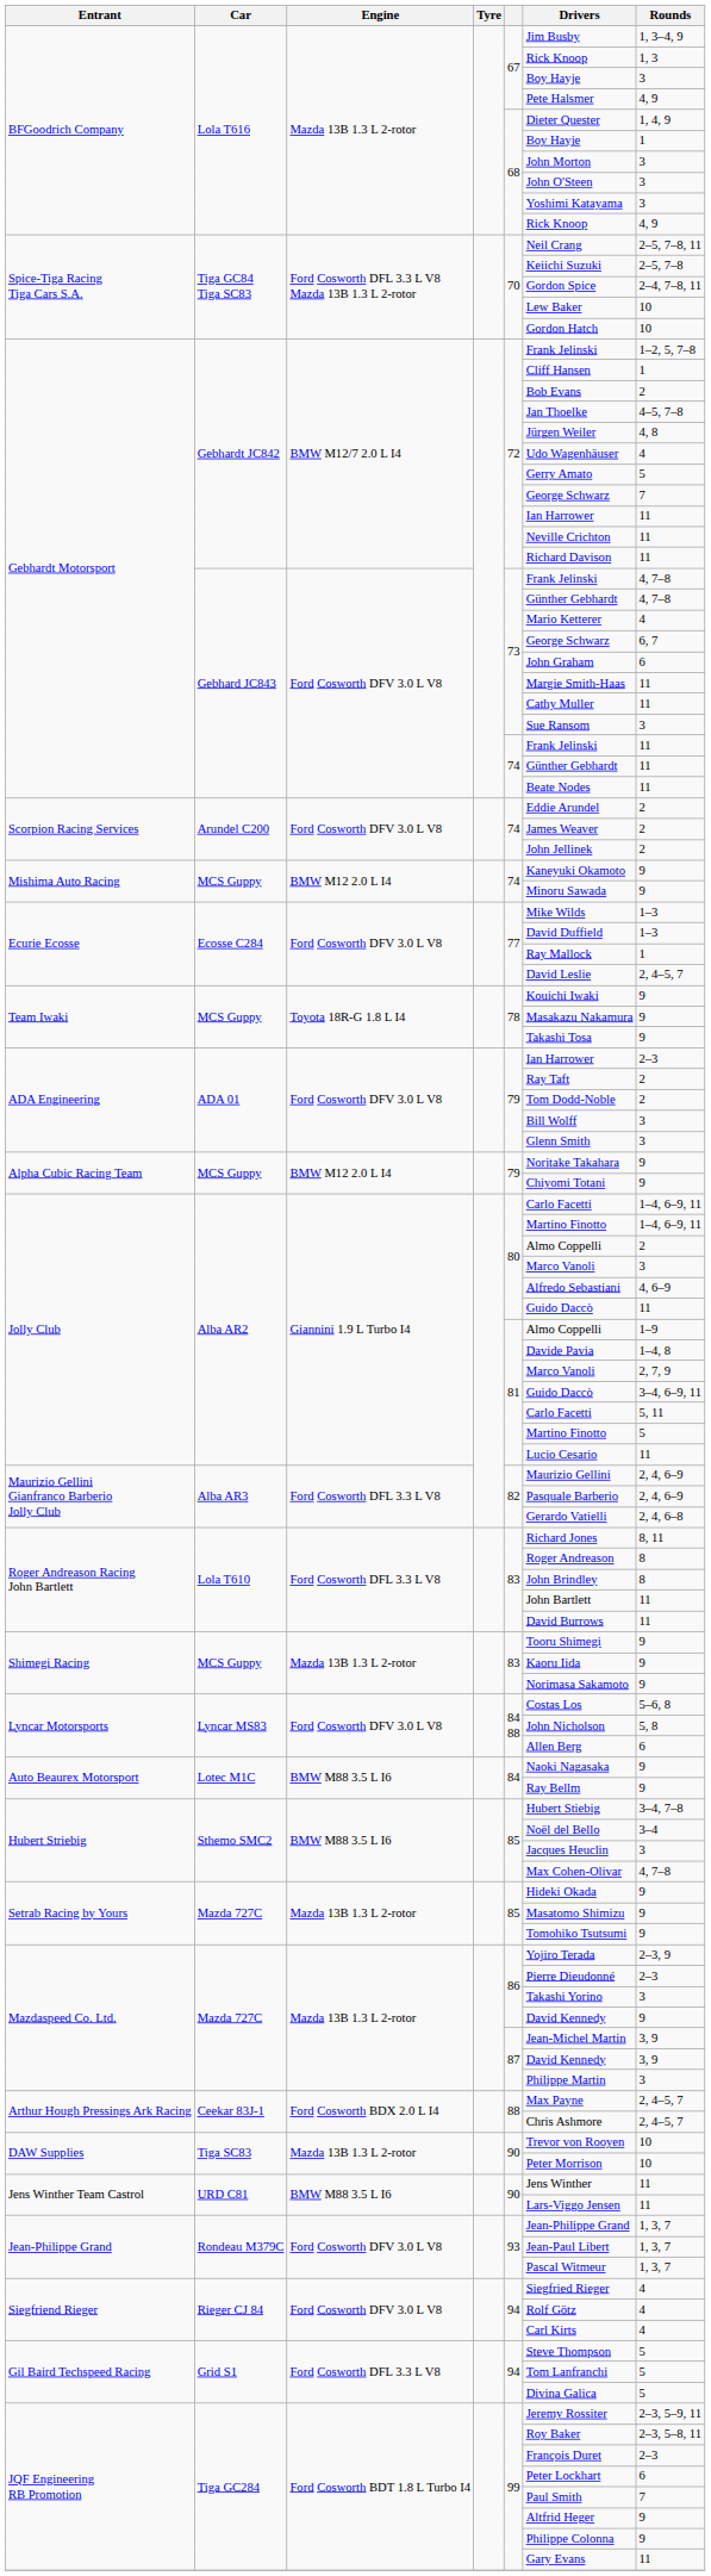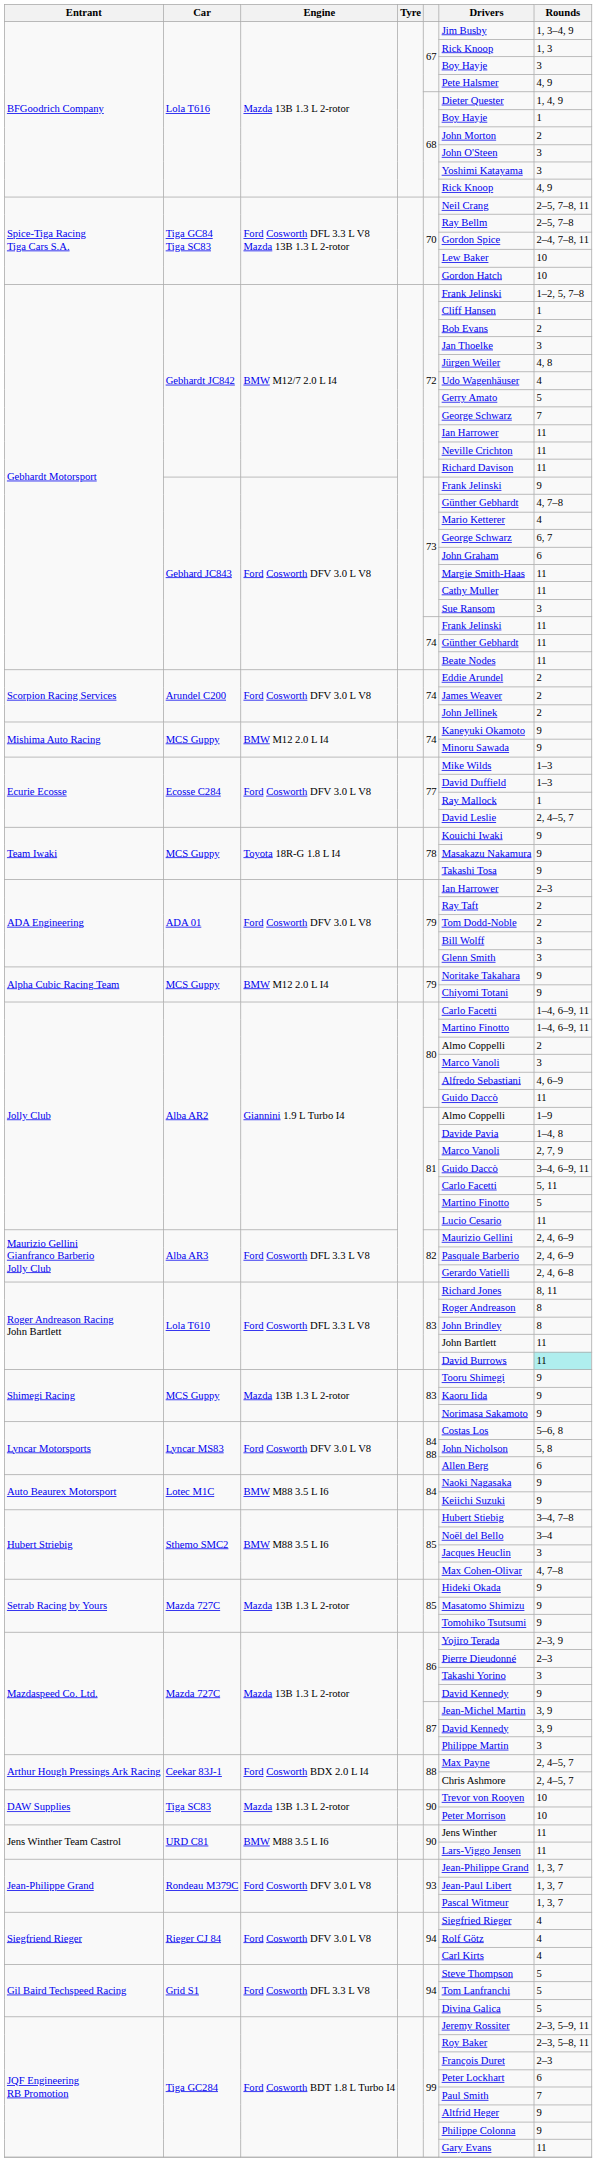 <table class="wikitable" style="font-size: 85%">
 <tr>
 <th>Entrant</th>
 <th>Car</th>
 <th>Engine</th>
 <th>Tyre</th>
 <th></th>
 <th>Drivers</th>
 <th>Rounds</th>
 </tr>
 <tr>
 <td rowspan=10> <a href='#'>BFGoodrich Company</a></td>
 <td rowspan=10><a href='#'>Lola T616</a></td>
 <td rowspan=10><a href='#'>Mazda</a> 13B 1.3 L 2-rotor</td>
 <td rowspan=10></td>
 <td rowspan=4>67</td>
 <td> <a href='#'>Jim Busby</a></td>
 <td>1, 3–4, 9</td>
 </tr>
 <tr>
 <td> <a href='#'>Rick Knoop</a></td>
 <td>1, 3</td>
 </tr>
 <tr>
 <td> <a href='#'>Boy Hayje</a></td>
 <td>3</td>
 </tr>
 <tr>
 <td> <a href='#'>Pete Halsmer</a></td>
 <td>4, 9</td>
 </tr>
 <tr>
 <td rowspan=6>68</td>
 <td> <a href='#'>Dieter Quester</a></td>
 <td>1, 4, 9</td>
 </tr>
 <tr>
 <td> <a href='#'>Boy Hayje</a></td>
 <td>1</td>
 </tr>
 <tr>
 <td> <a href='#'>John Morton</a></td>
-<td>3</td>
+<td>2</td>
 </tr>
 <tr>
 <td> <a href='#'>John O'Steen</a></td>
 <td>3</td>
 </tr>
 <tr>
 <td> <a href='#'>Yoshimi Katayama</a></td>
 <td>3</td>
 </tr>
 <tr>
 <td> <a href='#'>Rick Knoop</a></td>
 <td>4, 9</td>
 </tr>
 <tr>
 <td rowspan=5> <a href='#'>Spice-Tiga Racing</a><br> <a href='#'>Tiga Cars S.A.</a></td>
 <td rowspan=5><a href='#'>Tiga GC84</a><br><a href='#'>Tiga SC83</a></td>
 <td rowspan=5><a href='#'>Ford</a> <a href='#'>Cosworth</a> DFL 3.3 L V8<br><a href='#'>Mazda</a> 13B 1.3 L 2-rotor</td>
 <td rowspan=5></td>
 <td rowspan=5>70</td>
 <td> <a href='#'>Neil Crang</a></td>
 <td>2–5, 7–8, 11</td>
 </tr>
 <tr>
-<td> <a href='#'>Keiichi Suzuki</a></td>
+<td> <a href='#'>Ray Bellm</a></td>
 <td>2–5, 7–8</td>
 </tr>
 <tr>
 <td> <a href='#'>Gordon Spice</a></td>
 <td>2–4, 7–8, 11</td>
 </tr>
 <tr>
 <td> <a href='#'>Lew Baker</a></td>
 <td>10</td>
 </tr>
 <tr>
 <td> <a href='#'>Gordon Hatch</a></td>
 <td>10</td>
 </tr>
 <tr>
 <td rowspan=22> <a href='#'>Gebhardt Motorsport</a></td>
 <td rowspan=11><a href='#'>Gebhardt JC842</a></td>
 <td rowspan=11><a href='#'>BMW</a> M12/7 2.0 L I4</td>
 <td rowspan=22></td>
 <td rowspan=11>72</td>
 <td> <a href='#'>Frank Jelinski</a></td>
 <td>1–2, 5, 7–8</td>
 </tr>
 <tr>
 <td> <a href='#'>Cliff Hansen</a></td>
 <td>1</td>
 </tr>
 <tr>
 <td> <a href='#'>Bob Evans</a></td>
 <td>2</td>
 </tr>
 <tr>
 <td> <a href='#'>Jan Thoelke</a></td>
-<td>4–5, 7–8</td>
+<td>3</td>
 </tr>
 <tr>
 <td> <a href='#'>Jürgen Weiler</a></td>
 <td>4, 8</td>
 </tr>
 <tr>
 <td> <a href='#'>Udo Wagenhäuser</a></td>
 <td>4</td>
 </tr>
 <tr>
 <td> <a href='#'>Gerry Amato</a></td>
 <td>5</td>
 </tr>
 <tr>
 <td> <a href='#'>George Schwarz</a></td>
 <td>7</td>
 </tr>
 <tr>
 <td> <a href='#'>Ian Harrower</a></td>
 <td>11</td>
 </tr>
 <tr>
 <td> <a href='#'>Neville Crichton</a></td>
 <td>11</td>
 </tr>
 <tr>
 <td> <a href='#'>Richard Davison</a></td>
 <td>11</td>
 </tr>
 <tr>
 <td rowspan=11><a href='#'>Gebhard JC843</a></td>
 <td rowspan=11><a href='#'>Ford</a> <a href='#'>Cosworth</a> DFV 3.0 L V8</td>
 <td rowspan=8>73</td>
 <td> <a href='#'>Frank Jelinski</a></td>
-<td>4, 7–8</td>
+<td>9</td>
 </tr>
 <tr>
 <td> <a href='#'>Günther Gebhardt</a></td>
 <td>4, 7–8</td>
 </tr>
 <tr>
 <td> <a href='#'>Mario Ketterer</a></td>
 <td>4</td>
 </tr>
 <tr>
 <td> <a href='#'>George Schwarz</a></td>
 <td>6, 7</td>
 </tr>
 <tr>
 <td> <a href='#'>John Graham</a></td>
 <td>6</td>
 </tr>
 <tr>
 <td> <a href='#'>Margie Smith-Haas</a></td>
 <td>11</td>
 </tr>
 <tr>
 <td> <a href='#'>Cathy Muller</a></td>
 <td>11</td>
 </tr>
 <tr>
 <td> <a href='#'>Sue Ransom</a></td>
 <td>3</td>
 </tr>
 <tr>
 <td rowspan=3>74</td>
 <td> <a href='#'>Frank Jelinski</a></td>
 <td>11</td>
 </tr>
 <tr>
 <td> <a href='#'>Günther Gebhardt</a></td>
 <td>11</td>
 </tr>
 <tr>
 <td> <a href='#'>Beate Nodes</a></td>
 <td>11</td>
 </tr>
 <tr>
 <td rowspan=3> <a href='#'>Scorpion Racing Services</a></td>
 <td rowspan=3><a href='#'>Arundel C200</a></td>
 <td rowspan=3><a href='#'>Ford</a> <a href='#'>Cosworth</a> DFV 3.0 L V8</td>
 <td rowspan=3></td>
 <td rowspan=3>74</td>
 <td> <a href='#'>Eddie Arundel</a></td>
 <td>2</td>
 </tr>
 <tr>
 <td> <a href='#'>James Weaver</a></td>
 <td>2</td>
 </tr>
 <tr>
 <td> <a href='#'>John Jellinek</a></td>
 <td>2</td>
 </tr>
 <tr>
 <td rowspan=2> <a href='#'>Mishima Auto Racing</a></td>
 <td rowspan=2><a href='#'>MCS Guppy</a></td>
 <td rowspan=2><a href='#'>BMW</a> M12 2.0 L I4</td>
 <td rowspan=2></td>
 <td rowspan=2>74</td>
 <td> <a href='#'>Kaneyuki Okamoto</a></td>
 <td>9</td>
 </tr>
 <tr>
 <td> <a href='#'>Minoru Sawada</a></td>
 <td>9</td>
 </tr>
 <tr>
 <td rowspan=4> <a href='#'>Ecurie Ecosse</a></td>
 <td rowspan=4><a href='#'>Ecosse C284</a></td>
 <td rowspan=4><a href='#'>Ford</a> <a href='#'>Cosworth</a> DFV 3.0 L V8</td>
 <td rowspan=4></td>
 <td rowspan=4>77</td>
 <td> <a href='#'>Mike Wilds</a></td>
 <td>1–3</td>
 </tr>
 <tr>
 <td> <a href='#'>David Duffield</a></td>
 <td>1–3</td>
 </tr>
 <tr>
 <td> <a href='#'>Ray Mallock</a></td>
 <td>1</td>
 </tr>
 <tr>
 <td> <a href='#'>David Leslie</a></td>
 <td>2, 4–5, 7</td>
 </tr>
 <tr>
 <td rowspan=3> <a href='#'>Team Iwaki</a></td>
 <td rowspan=3><a href='#'>MCS Guppy</a></td>
 <td rowspan=3><a href='#'>Toyota</a> 18R-G 1.8 L I4</td>
 <td rowspan=3></td>
 <td rowspan=3>78</td>
 <td> <a href='#'>Kouichi Iwaki</a></td>
 <td>9</td>
 </tr>
 <tr>
 <td> <a href='#'>Masakazu Nakamura</a></td>
 <td>9</td>
 </tr>
 <tr>
 <td> <a href='#'>Takashi Tosa</a></td>
 <td>9</td>
 </tr>
 <tr>
 <td rowspan=5> <a href='#'>ADA Engineering</a></td>
 <td rowspan=5><a href='#'>ADA 01</a></td>
 <td rowspan=5><a href='#'>Ford</a> <a href='#'>Cosworth</a> DFV 3.0 L V8</td>
 <td rowspan=5></td>
 <td rowspan=5>79</td>
 <td> <a href='#'>Ian Harrower</a></td>
 <td>2–3</td>
 </tr>
 <tr>
 <td> <a href='#'>Ray Taft</a></td>
 <td>2</td>
 </tr>
 <tr>
 <td> <a href='#'>Tom Dodd-Noble</a></td>
 <td>2</td>
 </tr>
 <tr>
 <td> <a href='#'>Bill Wolff</a></td>
 <td>3</td>
 </tr>
 <tr>
 <td> <a href='#'>Glenn Smith</a></td>
 <td>3</td>
 </tr>
 <tr>
 <td rowspan=2> <a href='#'>Alpha Cubic Racing Team</a></td>
 <td rowspan=2><a href='#'>MCS Guppy</a></td>
 <td rowspan=2><a href='#'>BMW</a> M12 2.0 L I4</td>
 <td rowspan=2></td>
 <td rowspan=2>79</td>
 <td> <a href='#'>Noritake Takahara</a></td>
 <td>9</td>
 </tr>
 <tr>
 <td> <a href='#'>Chiyomi Totani</a></td>
 <td>9</td>
 </tr>
 <tr>
 <td rowspan=13> <a href='#'>Jolly Club</a></td>
 <td rowspan=13><a href='#'>Alba AR2</a></td>
 <td rowspan=13><a href='#'>Giannini</a> 1.9 L Turbo I4</td>
 <td rowspan=16></td>
 <td rowspan=6>80</td>
 <td> <a href='#'>Carlo Facetti</a></td>
 <td>1–4, 6–9, 11</td>
 </tr>
 <tr>
 <td> <a href='#'>Martino Finotto</a></td>
 <td>1–4, 6–9, 11</td>
 </tr>
 <tr>
 <td> Almo Coppelli</td>
 <td>2</td>
 </tr>
 <tr>
 <td> <a href='#'>Marco Vanoli</a></td>
 <td>3</td>
 </tr>
 <tr>
 <td> <a href='#'>Alfredo Sebastiani</a></td>
 <td>4, 6–9</td>
 </tr>
 <tr>
 <td> <a href='#'>Guido Daccò</a></td>
 <td>11</td>
 </tr>
 <tr>
 <td rowspan=7>81</td>
 <td> Almo Coppelli</td>
 <td>1–9</td>
 </tr>
 <tr>
 <td> <a href='#'>Davide Pavia</a></td>
 <td>1–4, 8</td>
 </tr>
 <tr>
 <td> <a href='#'>Marco Vanoli</a></td>
 <td>2, 7, 9</td>
 </tr>
 <tr>
 <td> <a href='#'>Guido Daccò</a></td>
 <td>3–4, 6–9, 11</td>
 </tr>
 <tr>
 <td> <a href='#'>Carlo Facetti</a></td>
 <td>5, 11</td>
 </tr>
 <tr>
 <td> <a href='#'>Martino Finotto</a></td>
 <td>5</td>
 </tr>
 <tr>
 <td> <a href='#'>Lucio Cesario</a></td>
 <td>11</td>
 </tr>
 <tr>
 <td rowspan=3> <a href='#'>Maurizio Gellini</a><br> <a href='#'>Gianfranco Barberio</a><br> <a href='#'>Jolly Club</a></td>
 <td rowspan=3><a href='#'>Alba AR3</a></td>
 <td rowspan=3><a href='#'>Ford</a> <a href='#'>Cosworth</a> DFL 3.3 L V8</td>
 <td rowspan=3>82</td>
 <td> <a href='#'>Maurizio Gellini</a></td>
 <td>2, 4, 6–9</td>
 </tr>
 <tr>
 <td> <a href='#'>Pasquale Barberio</a></td>
 <td>2, 4, 6–9</td>
 </tr>
 <tr>
 <td> <a href='#'>Gerardo Vatielli</a></td>
 <td>2, 4, 6–8</td>
 </tr>
 <tr>
 <td rowspan=5> <a href='#'>Roger Andreason Racing</a><br> John Bartlett</td>
 <td rowspan=5><a href='#'>Lola T610</a></td>
 <td rowspan=5><a href='#'>Ford</a> <a href='#'>Cosworth</a> DFL 3.3 L V8</td>
 <td rowspan=5></td>
 <td rowspan=5>83</td>
 <td> <a href='#'>Richard Jones</a></td>
 <td>8, 11</td>
 </tr>
 <tr>
 <td> <a href='#'>Roger Andreason</a></td>
 <td>8</td>
 </tr>
 <tr>
 <td> <a href='#'>John Brindley</a></td>
 <td>8</td>
 </tr>
 <tr>
 <td> John Bartlett</td>
 <td>11</td>
 </tr>
 <tr>
 <td> <a href='#'>David Burrows</a></td>
-<td>11</td>
+<td style="background: paleturquoise;">11</td>
 </tr>
 <tr>
 <td rowspan=3> <a href='#'>Shimegi Racing</a></td>
 <td rowspan=3><a href='#'>MCS Guppy</a></td>
 <td rowspan=3><a href='#'>Mazda</a> 13B 1.3 L 2-rotor</td>
 <td rowspan=3></td>
 <td rowspan=3>83</td>
 <td> <a href='#'>Tooru Shimegi</a></td>
 <td>9</td>
 </tr>
 <tr>
 <td> <a href='#'>Kaoru Iida</a></td>
 <td>9</td>
 </tr>
 <tr>
 <td> <a href='#'>Norimasa Sakamoto</a></td>
 <td>9</td>
 </tr>
 <tr>
 <td rowspan=3> <a href='#'>Lyncar Motorsports</a></td>
 <td rowspan=3><a href='#'>Lyncar MS83</a></td>
 <td rowspan=3><a href='#'>Ford</a> <a href='#'>Cosworth</a> DFV 3.0 L V8</td>
 <td rowspan=3></td>
 <td rowspan=3>84<br>88</td>
 <td> <a href='#'>Costas Los</a></td>
 <td>5–6, 8</td>
 </tr>
 <tr>
 <td> <a href='#'>John Nicholson</a></td>
 <td>5, 8</td>
 </tr>
 <tr>
 <td> <a href='#'>Allen Berg</a></td>
 <td>6</td>
 </tr>
 <tr>
 <td rowspan=2> <a href='#'>Auto Beaurex Motorsport</a></td>
 <td rowspan=2><a href='#'>Lotec M1C</a></td>
 <td rowspan=2><a href='#'>BMW</a> M88 3.5 L I6</td>
 <td rowspan=2></td>
 <td rowspan=2>84</td>
 <td> <a href='#'>Naoki Nagasaka</a></td>
 <td>9</td>
 </tr>
 <tr>
-<td> <a href='#'>Ray Bellm</a></td>
+<td> <a href='#'>Keiichi Suzuki</a></td>
 <td>9</td>
 </tr>
 <tr>
 <td rowspan=4> <a href='#'>Hubert Striebig</a></td>
 <td rowspan=4><a href='#'>Sthemo SMC2</a></td>
 <td rowspan=4><a href='#'>BMW</a> M88 3.5 L I6</td>
 <td rowspan=4></td>
 <td rowspan=4>85</td>
 <td> <a href='#'>Hubert Stiebig</a></td>
 <td>3–4, 7–8</td>
 </tr>
 <tr>
 <td> <a href='#'>Noël del Bello</a></td>
 <td>3–4</td>
 </tr>
 <tr>
 <td> <a href='#'>Jacques Heuclin</a></td>
 <td>3</td>
 </tr>
 <tr>
 <td> <a href='#'>Max Cohen-Olivar</a></td>
 <td>4, 7–8</td>
 </tr>
 <tr>
 <td rowspan=3> <a href='#'>Setrab Racing by Yours</a></td>
 <td rowspan=3><a href='#'>Mazda 727C</a></td>
 <td rowspan=3><a href='#'>Mazda</a> 13B 1.3 L 2-rotor</td>
 <td rowspan=3></td>
 <td rowspan=3>85</td>
 <td> <a href='#'>Hideki Okada</a></td>
 <td>9</td>
 </tr>
 <tr>
 <td> <a href='#'>Masatomo Shimizu</a></td>
 <td>9</td>
 </tr>
 <tr>
 <td> <a href='#'>Tomohiko Tsutsumi</a></td>
 <td>9</td>
 </tr>
 <tr>
 <td rowspan=7> <a href='#'>Mazdaspeed Co. Ltd.</a></td>
 <td rowspan=7><a href='#'>Mazda 727C</a></td>
 <td rowspan=7><a href='#'>Mazda</a> 13B 1.3 L 2-rotor</td>
 <td rowspan=7></td>
 <td rowspan=4>86</td>
 <td> <a href='#'>Yojiro Terada</a></td>
 <td>2–3, 9</td>
 </tr>
 <tr>
 <td> <a href='#'>Pierre Dieudonné</a></td>
 <td>2–3</td>
 </tr>
 <tr>
 <td> <a href='#'>Takashi Yorino</a></td>
 <td>3</td>
 </tr>
 <tr>
 <td> <a href='#'>David Kennedy</a></td>
 <td>9</td>
 </tr>
 <tr>
 <td rowspan=3>87</td>
 <td> <a href='#'>Jean-Michel Martin</a></td>
 <td>3, 9</td>
 </tr>
 <tr>
 <td> <a href='#'>David Kennedy</a></td>
 <td>3, 9</td>
 </tr>
 <tr>
 <td> <a href='#'>Philippe Martin</a></td>
 <td>3</td>
 </tr>
 <tr>
 <td rowspan=2> <a href='#'>Arthur Hough Pressings Ark Racing</a></td>
 <td rowspan=2><a href='#'>Ceekar 83J-1</a></td>
 <td rowspan=2><a href='#'>Ford</a> <a href='#'>Cosworth</a> BDX 2.0 L I4</td>
 <td rowspan=2></td>
 <td rowspan=2>88</td>
 <td> <a href='#'>Max Payne</a></td>
 <td>2, 4–5, 7</td>
 </tr>
 <tr>
 <td> Chris Ashmore</td>
 <td>2, 4–5, 7</td>
 </tr>
 <tr>
 <td rowspan=2> <a href='#'>DAW Supplies</a></td>
 <td rowspan=2><a href='#'>Tiga SC83</a></td>
 <td rowspan=2><a href='#'>Mazda</a> 13B 1.3 L 2-rotor</td>
 <td rowspan=2></td>
 <td rowspan=2>90</td>
 <td> <a href='#'>Trevor von Rooyen</a></td>
 <td>10</td>
 </tr>
 <tr>
 <td> <a href='#'>Peter Morrison</a></td>
 <td>10</td>
 </tr>
 <tr>
 <td rowspan=2> Jens Winther Team Castrol</td>
 <td rowspan=2><a href='#'>URD C81</a></td>
 <td rowspan=2><a href='#'>BMW</a> M88 3.5 L I6</td>
 <td rowspan=2></td>
 <td rowspan=2>90</td>
 <td> Jens Winther</td>
 <td>11</td>
 </tr>
 <tr>
 <td> <a href='#'>Lars-Viggo Jensen</a></td>
 <td>11</td>
 </tr>
 <tr>
 <td rowspan=3> <a href='#'>Jean-Philippe Grand</a></td>
 <td rowspan=3><a href='#'>Rondeau M379C</a></td>
 <td rowspan=3><a href='#'>Ford</a> <a href='#'>Cosworth</a> DFV 3.0 L V8</td>
 <td rowspan=3></td>
 <td rowspan=3>93</td>
 <td> <a href='#'>Jean-Philippe Grand</a></td>
 <td>1, 3, 7</td>
 </tr>
 <tr>
 <td> <a href='#'>Jean-Paul Libert</a></td>
 <td>1, 3, 7</td>
 </tr>
 <tr>
 <td> <a href='#'>Pascal Witmeur</a></td>
 <td>1, 3, 7</td>
 </tr>
 <tr>
 <td rowspan=3> <a href='#'>Siegfriend Rieger</a></td>
 <td rowspan=3><a href='#'>Rieger CJ 84</a></td>
 <td rowspan=3><a href='#'>Ford</a> <a href='#'>Cosworth</a> DFV 3.0 L V8</td>
 <td rowspan=3></td>
 <td rowspan=3>94</td>
 <td> <a href='#'>Siegfried Rieger</a></td>
 <td>4</td>
 </tr>
 <tr>
 <td> <a href='#'>Rolf Götz</a></td>
 <td>4</td>
 </tr>
 <tr>
 <td> <a href='#'>Carl Kirts</a></td>
 <td>4</td>
 </tr>
 <tr>
 <td rowspan=3> <a href='#'>Gil Baird Techspeed Racing</a></td>
 <td rowspan=3><a href='#'>Grid S1</a></td>
 <td rowspan=3><a href='#'>Ford</a> <a href='#'>Cosworth</a> DFL 3.3 L V8</td>
 <td rowspan=3></td>
 <td rowspan=3>94</td>
 <td> <a href='#'>Steve Thompson</a></td>
 <td>5</td>
 </tr>
 <tr>
 <td> <a href='#'>Tom Lanfranchi</a></td>
 <td>5</td>
 </tr>
 <tr>
 <td> <a href='#'>Divina Galica</a></td>
 <td>5</td>
 </tr>
 <tr>
 <td rowspan=8> <a href='#'>JQF Engineering</a><br> <a href='#'>RB Promotion</a></td>
 <td rowspan=8><a href='#'>Tiga GC284</a></td>
 <td rowspan=8><a href='#'>Ford</a> <a href='#'>Cosworth</a> BDT 1.8 L Turbo I4</td>
 <td rowspan=8></td>
 <td rowspan=8>99</td>
 <td> <a href='#'>Jeremy Rossiter</a></td>
 <td>2–3, 5–9, 11</td>
 </tr>
 <tr>
 <td> <a href='#'>Roy Baker</a></td>
 <td>2–3, 5–8, 11</td>
 </tr>
 <tr>
 <td> <a href='#'>François Duret</a></td>
 <td>2–3</td>
 </tr>
 <tr>
 <td> <a href='#'>Peter Lockhart</a></td>
 <td>6</td>
 </tr>
 <tr>
 <td> <a href='#'>Paul Smith</a></td>
 <td>7</td>
 </tr>
 <tr>
 <td> <a href='#'>Altfrid Heger</a></td>
 <td>9</td>
 </tr>
 <tr>
 <td> <a href='#'>Philippe Colonna</a></td>
 <td>9</td>
 </tr>
 <tr>
 <td> <a href='#'>Gary Evans</a></td>
 <td>11</td>
 </tr>
 <tr>
 </tr>
 </table>
